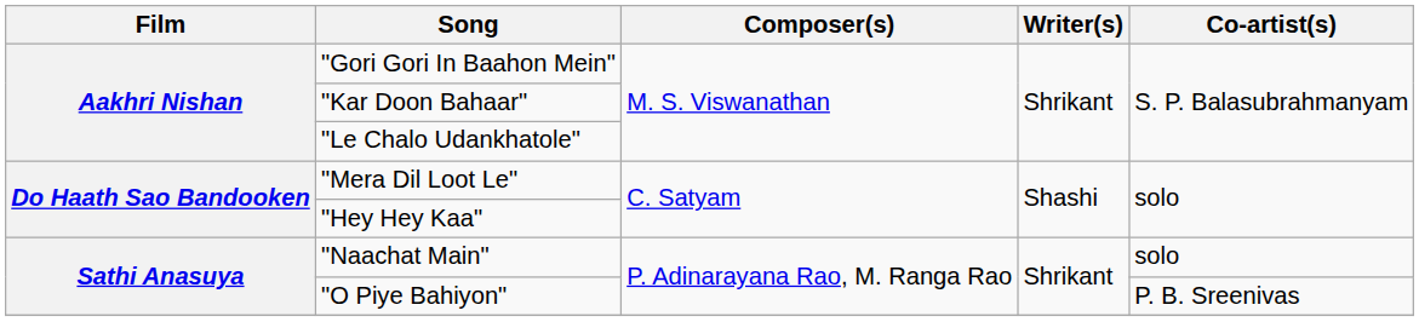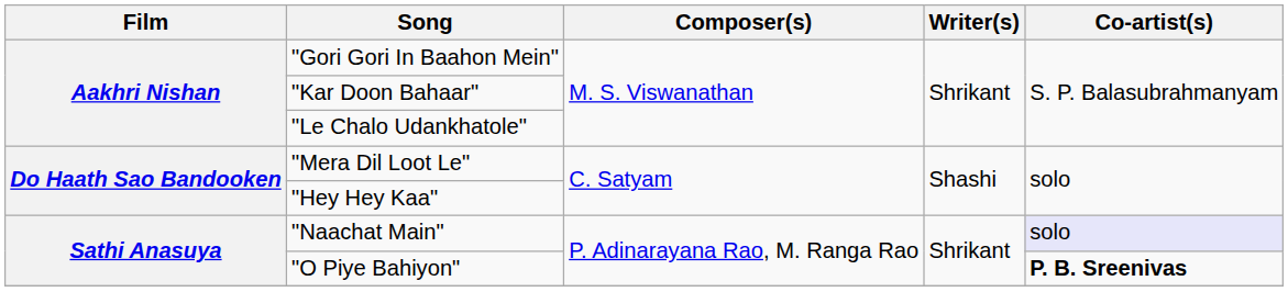 <table class="wikitable sortable">
 <tr>
 <th>Film</th>
 <th>Song</th>
 <th>Composer(s)</th>
 <th>Writer(s)</th>
 <th>Co-artist(s)</th>
 </tr>
 <tr>
 <th rowspan="3"><a href='#'><em>Aakhri Nishan</em></a></th>
 <td>"Gori Gori In Baahon Mein"</td>
 <td rowspan="3"><a href='#'>M. S. Viswanathan</a></td>
 <td rowspan=3>Shrikant</td>
 <td rowspan=3>S. P. Balasubrahmanyam</td>
 </tr>
 <tr>
 <td>"Kar Doon Bahaar"</td>
 </tr>
 <tr>
 <td>"Le Chalo Udankhatole"</td>
 </tr>
 <tr>
 <th rowspan="2"><a href='#'><em>Do Haath Sao Bandooken</em></a></th>
 <td>"Mera Dil Loot Le"</td>
 <td rowspan="2"><a href='#'>C. Satyam</a></td>
 <td rowspan=2>Shashi</td>
 <td Rowspan=2>solo</td>
 </tr>
 <tr>
 <td>"Hey Hey Kaa"</td>
 </tr>
 <tr>
 <th rowspan="2"><a href='#'><em>Sathi Anasuya</em></a></th>
 <td>"Naachat Main"</td>
 <td rowspan="2"><a href='#'>P. Adinarayana Rao</a>,  M. Ranga Rao</td>
 <td rowspan=2>Shrikant</td>
-<td>solo</td>
+<td style="background: lavender;">solo</td>
 </tr>
 <tr>
 <td>"O Piye Bahiyon"</td>
-<td>P. B. Sreenivas</td>
+<td><strong>P. B. Sreenivas</strong></td>
 </tr>
 <tr>
 </tr>
 </table>
